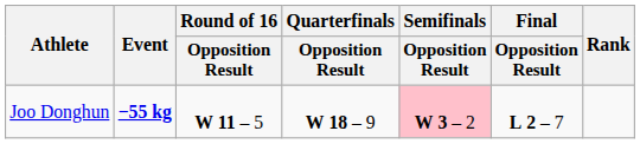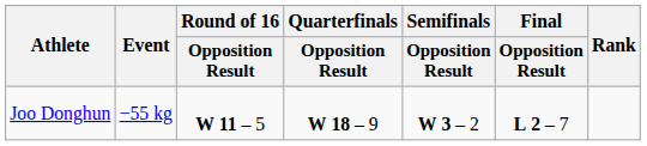 <table class="wikitable" style="font-size:90%;">
 <tr>
 <th rowspan=2>Athlete</th>
 <th rowspan=2>Event</th>
 <th>Round of 16</th>
 <th>Quarterfinals</th>
 <th>Semifinals</th>
 <th>Final</th>
 <th rowspan=2>Rank</th>
 </tr>
 <tr style="font-size:95%">
 <th>Opposition<br>Result</th>
 <th>Opposition<br>Result</th>
 <th>Opposition<br>Result</th>
 <th>Opposition<br>Result</th>
 </tr>
 <tr align=center>
 <td align=left><a href='#'>Joo Donghun</a></td>
-<td align=left><strong><a href='#'>−55 kg</a></strong></td>
+<td align=left><a href='#'>−55 kg</a></td>
 <td><br><strong>W</strong> <strong>11</strong> – 5</td>
 <td><br><strong>W</strong> <strong>18</strong> – 9</td>
-<td style="background: pink;"><br><strong>W</strong> <strong>3</strong> – 2</td>
+<td><br><strong>W</strong> <strong>3</strong> – 2</td>
 <td><br><strong>L</strong> <strong>2</strong> – 7</td>
 <td></td>
 </tr>
 </table>
